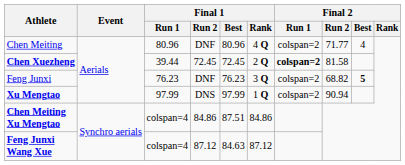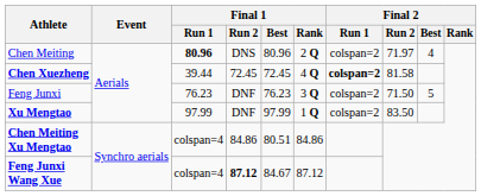 <table class=wikitable style=font-size:90%;text-align:center>
 <tr>
 <th rowspan=2>Athlete</th>
 <th rowspan=2>Event</th>
 <th colspan=4>Final 1</th>
 <th colspan=4>Final 2</th>
 </tr>
 <tr style="font-size:95%">
 <th>Run 1</th>
 <th>Run 2</th>
 <th>Best</th>
 <th>Rank</th>
 <th>Run 1</th>
 <th>Run 2</th>
 <th>Best</th>
 <th>Rank</th>
 </tr>
 <tr align=center>
 <td align=left><a href='#'>Chen Meiting</a></td>
 <td align=left rowspan=4><a href='#'>Aerials</a></td>
+<td><strong>80.96</strong></td>
+<td>DNS</td>
 <td>80.96</td>
-<td>DNF</td>
-<td>80.96</td>
-<td>4 <strong>Q</strong></td>
+<td>2 <strong>Q</strong></td>
 <td>colspan=2 </td>
-<td>71.77</td>
+<td>71.97</td>
 <td>4</td>
 </tr>
 <tr align=center>
 <td align=left><strong><a href='#'>Chen Xuezheng</a></strong></td>
 <td>39.44</td>
 <td>72.45</td>
 <td>72.45</td>
-<td>2 <strong>Q</strong></td>
+<td>4 <strong>Q</strong></td>
 <td><strong>colspan=2 </strong></td>
 <td>81.58</td>
 <td></td>
 </tr>
 <tr align=center>
 <td align=left><a href='#'>Feng Junxi</a></td>
 <td>76.23</td>
 <td>DNF</td>
 <td>76.23</td>
 <td>3 <strong>Q</strong></td>
 <td>colspan=2 </td>
-<td>68.82</td>
-<td><strong>5</strong></td>
+<td>71.50</td>
+<td>5</td>
 </tr>
 <tr align=center>
 <td align=left><strong><a href='#'>Xu Mengtao</a></strong></td>
 <td>97.99</td>
-<td>DNS</td>
+<td>DNF</td>
 <td>97.99</td>
 <td>1 <strong>Q</strong></td>
 <td>colspan=2 </td>
-<td>90.94</td>
+<td>83.50</td>
 <td></td>
 </tr>
 <tr align=center>
 <td align=left><strong><a href='#'>Chen Meiting</a><br><a href='#'>Xu Mengtao</a></strong></td>
 <td align=left rowspan=2><a href='#'>Synchro aerials</a></td>
 <td>colspan=4 </td>
 <td>84.86</td>
-<td>87.51</td>
+<td>80.51</td>
 <td>84.86</td>
 <td></td>
 </tr>
 <tr align=center>
 <td align=left><strong><a href='#'>Feng Junxi</a><br><a href='#'>Wang Xue</a></strong></td>
 <td>colspan=4 </td>
-<td>87.12</td>
-<td>84.63</td>
+<td><strong>87.12</strong></td>
+<td>84.67</td>
 <td>87.12</td>
 <td></td>
 </tr>
 </table>
